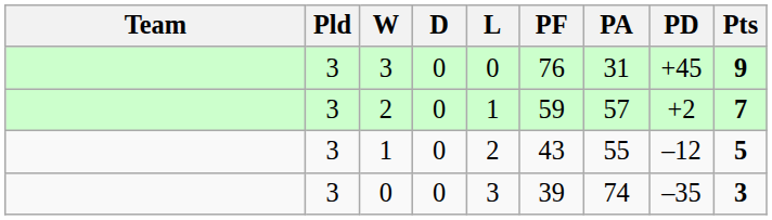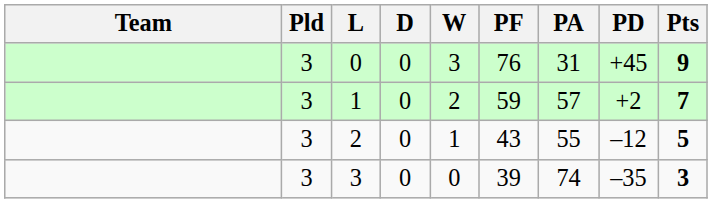 <table class="wikitable" style="text-align:center;">
 <tr>
 <th width=175>Team</th>
 <th width=25 abbr="Played">Pld</th>
+<th width=25 abbr="Lost">L</th>
+<th width=25 abbr="Drawn">D</th>
 <th width=25 abbr="Won">W</th>
-<th width=25 abbr="Drawn">D</th>
-<th width=25 abbr="Lost">L</th>
 <th width=32 abbr="Points for">PF</th>
 <th width=32 abbr="Points against">PA</th>
 <th width=32 abbr="Points difference">PD</th>
 <th width=25 abbr="Points">Pts</th>
 </tr>
 <tr bgcolor=ccffcc>
 <td align=left></td>
 <td>3</td>
-<td>3</td>
 <td>0</td>
 <td>0</td>
+<td>3</td>
 <td>76</td>
 <td>31</td>
 <td>+45</td>
 <td><strong>9</strong></td>
 </tr>
 <tr bgcolor=ccffcc>
 <td align=left></td>
 <td>3</td>
+<td>1</td>
+<td>0</td>
 <td>2</td>
-<td>0</td>
-<td>1</td>
 <td>59</td>
 <td>57</td>
 <td>+2</td>
 <td><strong>7</strong></td>
 </tr>
 <tr>
 <td align=left></td>
 <td>3</td>
+<td>2</td>
+<td>0</td>
 <td>1</td>
-<td>0</td>
-<td>2</td>
 <td>43</td>
 <td>55</td>
 <td>–12</td>
 <td><strong>5</strong></td>
 </tr>
 <tr>
 <td align=left></td>
 <td>3</td>
+<td>3</td>
 <td>0</td>
 <td>0</td>
-<td>3</td>
 <td>39</td>
 <td>74</td>
 <td>–35</td>
 <td><strong>3</strong></td>
 </tr>
 </table>
